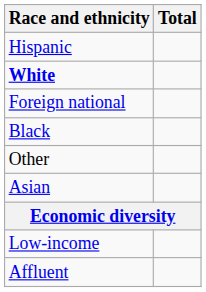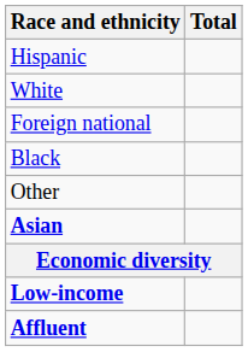 <table class="wikitable floatright sortable collapsible"; text-align:right; font-size:80%;">
 <tr>
 <th>Race and ethnicity</th>
 <th colspan="2" data-sort-type=number>Total</th>
 </tr>
 <tr>
 <td><a href='#'>Hispanic</a></td>
 <td align=right></td>
 </tr>
 <tr>
-<td><strong><a href='#'>White</a></strong></td>
+<td><a href='#'>White</a></td>
 <td align=right></td>
 </tr>
 <tr>
 <td><a href='#'>Foreign national</a></td>
 <td align=right></td>
 </tr>
 <tr>
 <td><a href='#'>Black</a></td>
 <td align=right></td>
 </tr>
 <tr>
 <td>Other</td>
 <td align=right></td>
 </tr>
 <tr>
-<td><a href='#'>Asian</a></td>
+<td><strong><a href='#'>Asian</a></strong></td>
 <td align=right></td>
 </tr>
 <tr>
 <th colspan="4" data-sort-type=number><a href='#'>Economic diversity</a></th>
 </tr>
 <tr>
-<td><a href='#'>Low-income</a></td>
+<td><strong><a href='#'>Low-income</a></strong></td>
 <td align=right></td>
 </tr>
 <tr>
-<td><a href='#'>Affluent</a></td>
+<td><strong><a href='#'>Affluent</a></strong></td>
 <td align=right></td>
 </tr>
 </table>
